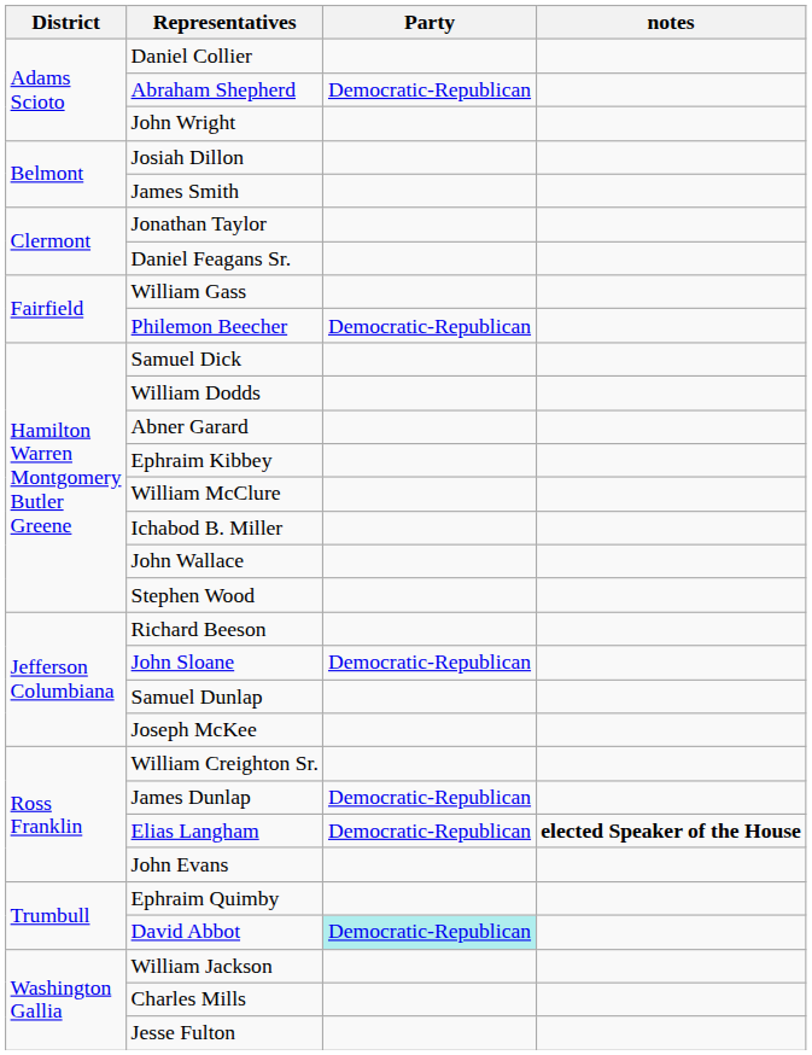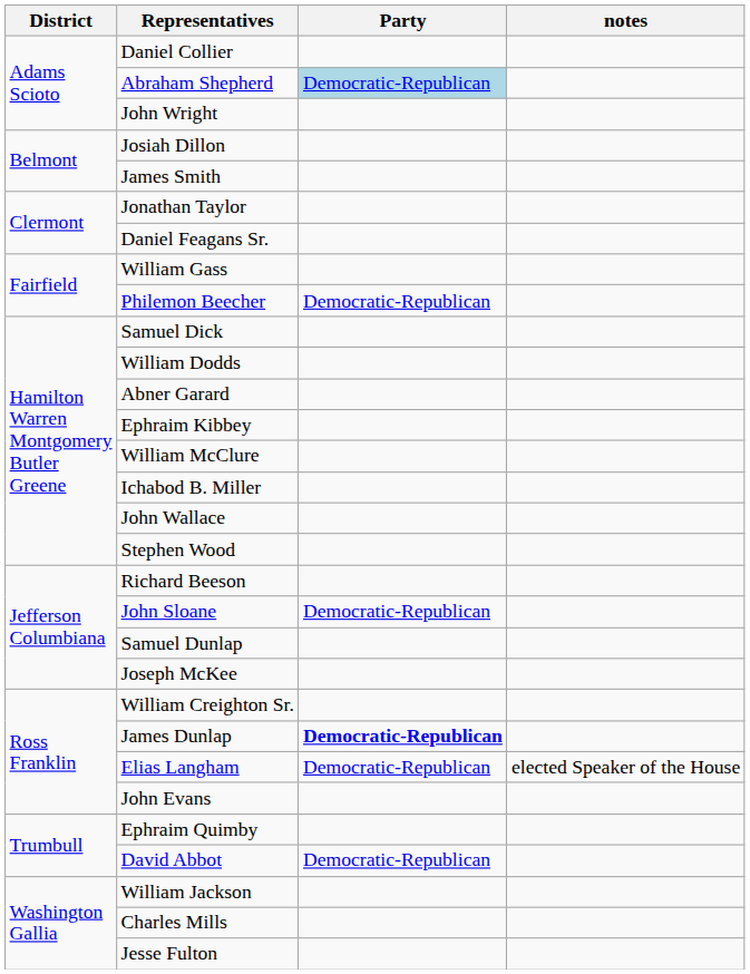 <table class="wikitable">
 <tr>
 <th>District</th>
 <th>Representatives</th>
 <th>Party</th>
 <th>notes</th>
 </tr>
 <tr>
 <td rowspan=3><a href='#'>Adams</a><br><a href='#'>Scioto</a></td>
 <td>Daniel Collier</td>
 <td></td>
 <td></td>
 </tr>
 <tr>
 <td><a href='#'>Abraham Shepherd</a></td>
-<td><a href='#'>Democratic-Republican</a></td>
+<td style="background: lightblue;"><a href='#'>Democratic-Republican</a></td>
 <td></td>
 </tr>
 <tr>
 <td>John Wright</td>
 <td></td>
 <td></td>
 </tr>
 <tr>
 <td rowspan=2><a href='#'>Belmont</a></td>
 <td>Josiah Dillon</td>
 <td></td>
 <td></td>
 </tr>
 <tr>
 <td>James Smith</td>
 <td></td>
 <td></td>
 </tr>
 <tr>
 <td rowspan=2><a href='#'>Clermont</a></td>
 <td>Jonathan Taylor</td>
 <td></td>
 <td></td>
 </tr>
 <tr>
 <td>Daniel Feagans Sr.</td>
 <td></td>
 <td></td>
 </tr>
 <tr>
 <td rowspan=2><a href='#'>Fairfield</a></td>
 <td>William Gass</td>
 <td></td>
 <td></td>
 </tr>
 <tr>
 <td><a href='#'>Philemon Beecher</a></td>
 <td><a href='#'>Democratic-Republican</a></td>
 <td></td>
 </tr>
 <tr>
 <td rowspan=8><a href='#'>Hamilton</a><br><a href='#'>Warren</a><br><a href='#'>Montgomery</a><br><a href='#'>Butler</a><br><a href='#'>Greene</a></td>
 <td>Samuel Dick</td>
 <td></td>
 <td></td>
 </tr>
 <tr>
 <td>William Dodds</td>
 <td></td>
 <td></td>
 </tr>
 <tr>
 <td>Abner Garard</td>
 <td></td>
 <td></td>
 </tr>
 <tr>
 <td>Ephraim Kibbey</td>
 <td></td>
 <td></td>
 </tr>
 <tr>
 <td>William McClure</td>
 <td></td>
 <td></td>
 </tr>
 <tr>
 <td>Ichabod B. Miller</td>
 <td></td>
 <td></td>
 </tr>
 <tr>
 <td>John Wallace</td>
 <td></td>
 <td></td>
 </tr>
 <tr>
 <td>Stephen Wood</td>
 <td></td>
 <td></td>
 </tr>
 <tr>
 <td rowspan=4><a href='#'>Jefferson</a><br><a href='#'>Columbiana</a></td>
 <td>Richard Beeson</td>
 <td></td>
 <td></td>
 </tr>
 <tr>
 <td><a href='#'>John Sloane</a></td>
 <td><a href='#'>Democratic-Republican</a></td>
 <td></td>
 </tr>
 <tr>
 <td>Samuel Dunlap</td>
 <td></td>
 <td></td>
 </tr>
 <tr>
 <td>Joseph McKee</td>
 <td></td>
 <td></td>
 </tr>
 <tr>
 <td rowspan=4><a href='#'>Ross</a><br><a href='#'>Franklin</a></td>
 <td>William Creighton Sr.</td>
 <td></td>
 <td></td>
 </tr>
 <tr>
 <td>James Dunlap</td>
-<td><a href='#'>Democratic-Republican</a></td>
+<td><strong><a href='#'>Democratic-Republican</a></strong></td>
 <td></td>
 </tr>
 <tr>
 <td><a href='#'>Elias Langham</a></td>
 <td><a href='#'>Democratic-Republican</a></td>
-<td><strong>elected Speaker of the House</strong></td>
+<td>elected Speaker of the House</td>
 </tr>
 <tr>
 <td>John Evans</td>
 <td></td>
 <td></td>
 </tr>
 <tr>
 <td rowspan=2><a href='#'>Trumbull</a></td>
 <td>Ephraim Quimby</td>
 <td></td>
 <td></td>
 </tr>
 <tr>
 <td><a href='#'>David Abbot</a></td>
-<td style="background: paleturquoise;"><a href='#'>Democratic-Republican</a></td>
+<td><a href='#'>Democratic-Republican</a></td>
 <td></td>
 </tr>
 <tr>
 <td rowspan=3><a href='#'>Washington</a><br><a href='#'>Gallia</a></td>
 <td>William Jackson</td>
 <td></td>
 <td></td>
 </tr>
 <tr>
 <td>Charles Mills</td>
 <td></td>
 <td></td>
 </tr>
 <tr>
 <td>Jesse Fulton</td>
 <td></td>
 </tr>
 </table>
